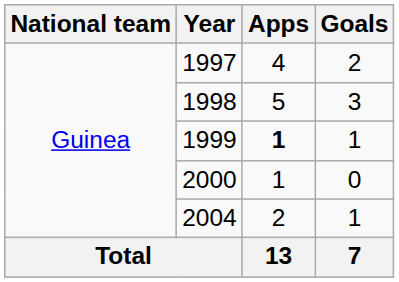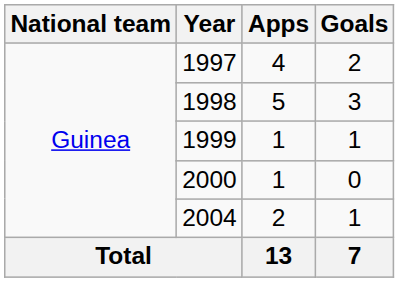 <table class="wikitable" style="text-align:center">
 <tr>
 <th>National team</th>
 <th>Year</th>
 <th>Apps</th>
 <th>Goals</th>
 </tr>
 <tr>
 <td rowspan="5"><a href='#'>Guinea</a></td>
 <td>1997</td>
 <td>4</td>
 <td>2</td>
 </tr>
 <tr>
 <td>1998</td>
 <td>5</td>
 <td>3</td>
 </tr>
 <tr>
 <td>1999</td>
-<td><strong>1</strong></td>
+<td>1</td>
 <td>1</td>
 </tr>
 <tr>
 <td>2000</td>
 <td>1</td>
 <td>0</td>
 </tr>
 <tr>
 <td>2004</td>
 <td>2</td>
 <td>1</td>
 </tr>
 <tr>
 <th colspan="2">Total</th>
 <th>13</th>
 <th>7</th>
 </tr>
 </table>
